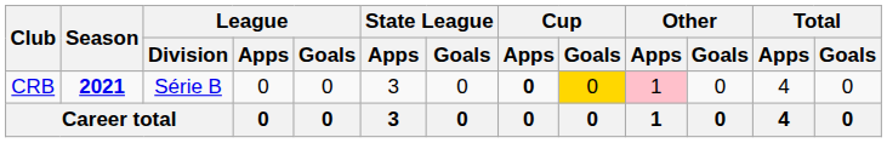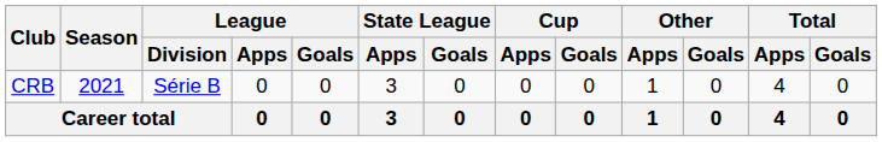 <table class="wikitable" style="text-align: center">
 <tr>
 <th rowspan="2">Club</th>
 <th rowspan="2">Season</th>
 <th colspan="3">League</th>
 <th colspan="2">State League</th>
 <th colspan="2">Cup</th>
 <th colspan="2">Other</th>
 <th colspan="2">Total</th>
 </tr>
 <tr>
 <th>Division</th>
 <th>Apps</th>
 <th>Goals</th>
 <th>Apps</th>
 <th>Goals</th>
 <th>Apps</th>
 <th>Goals</th>
 <th>Apps</th>
 <th>Goals</th>
 <th>Apps</th>
 <th>Goals</th>
 </tr>
 <tr>
 <td><a href='#'>CRB</a></td>
-<td><strong><a href='#'>2021</a></strong></td>
+<td><a href='#'>2021</a></td>
 <td><a href='#'>Série B</a></td>
 <td>0</td>
 <td>0</td>
 <td>3</td>
 <td>0</td>
-<td><strong>0</strong></td>
-<td style="background: gold;">0</td>
-<td style="background: pink;">1</td>
+<td>0</td>
+<td>0</td>
+<td>1</td>
 <td>0</td>
 <td>4</td>
 <td>0</td>
 </tr>
 <tr>
 <th colspan="3"><strong>Career total</strong></th>
 <th>0</th>
 <th>0</th>
 <th>3</th>
 <th>0</th>
 <th>0</th>
 <th>0</th>
 <th>1</th>
 <th>0</th>
 <th>4</th>
 <th>0</th>
 </tr>
 </table>
